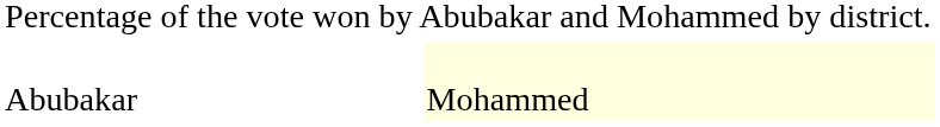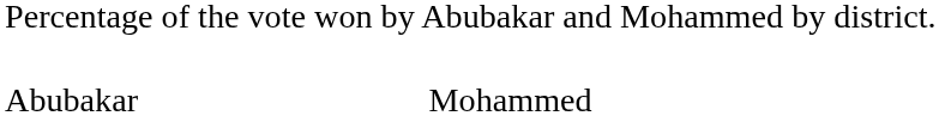 <table align=center>
 <tr>
 <td colspan=2>Percentage of the vote won by Abubakar and Mohammed by district.</td>
 </tr>
 <tr>
 <td><br>Abubakar<br>  </td>
-<td style="background: lightyellow;"><br>Mohammed<br>  </td>
+<td><br>Mohammed<br>  </td>
 </tr>
 </table>
